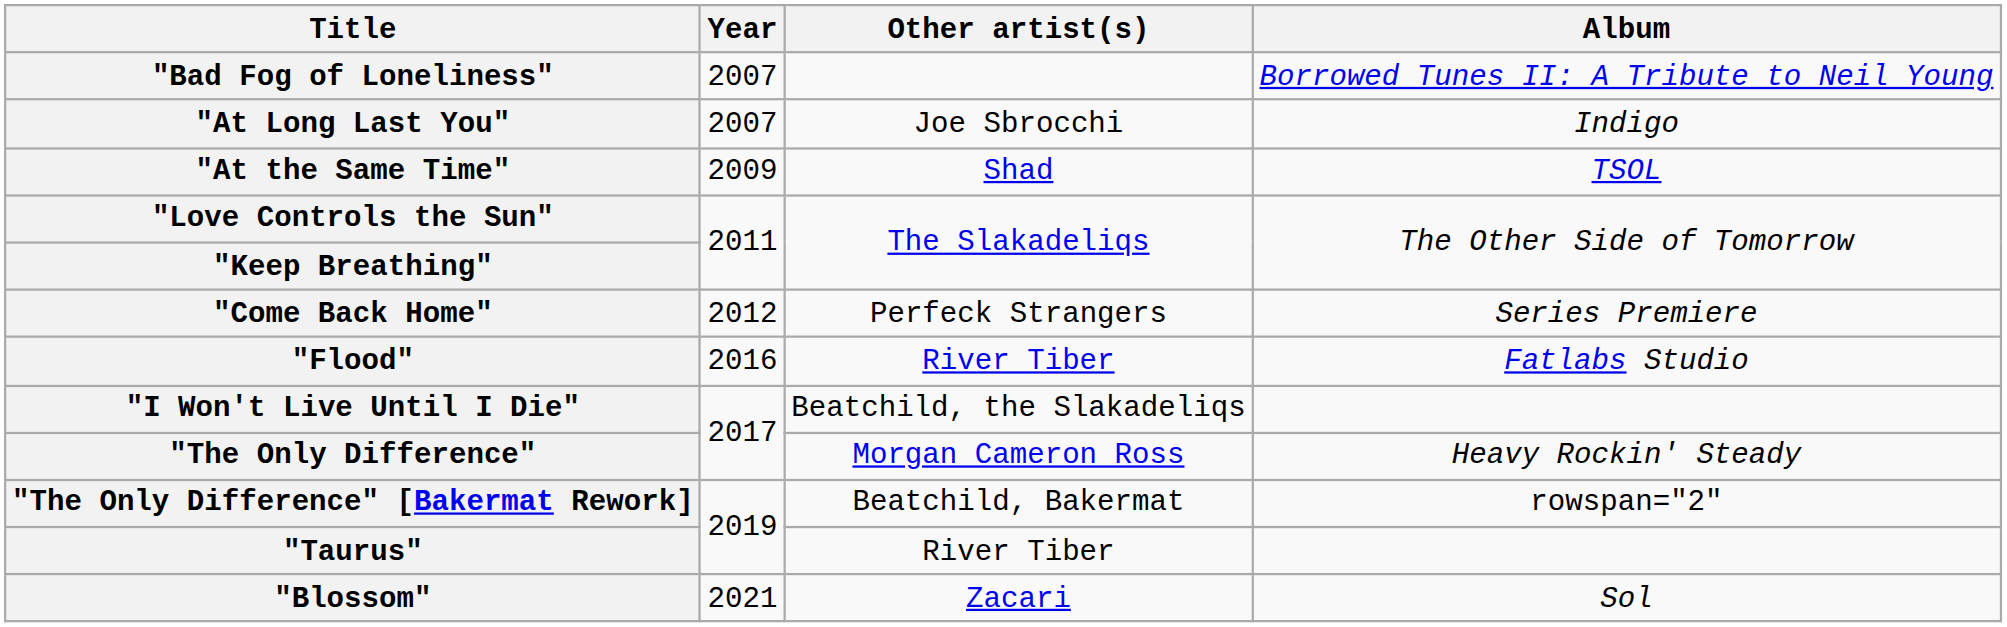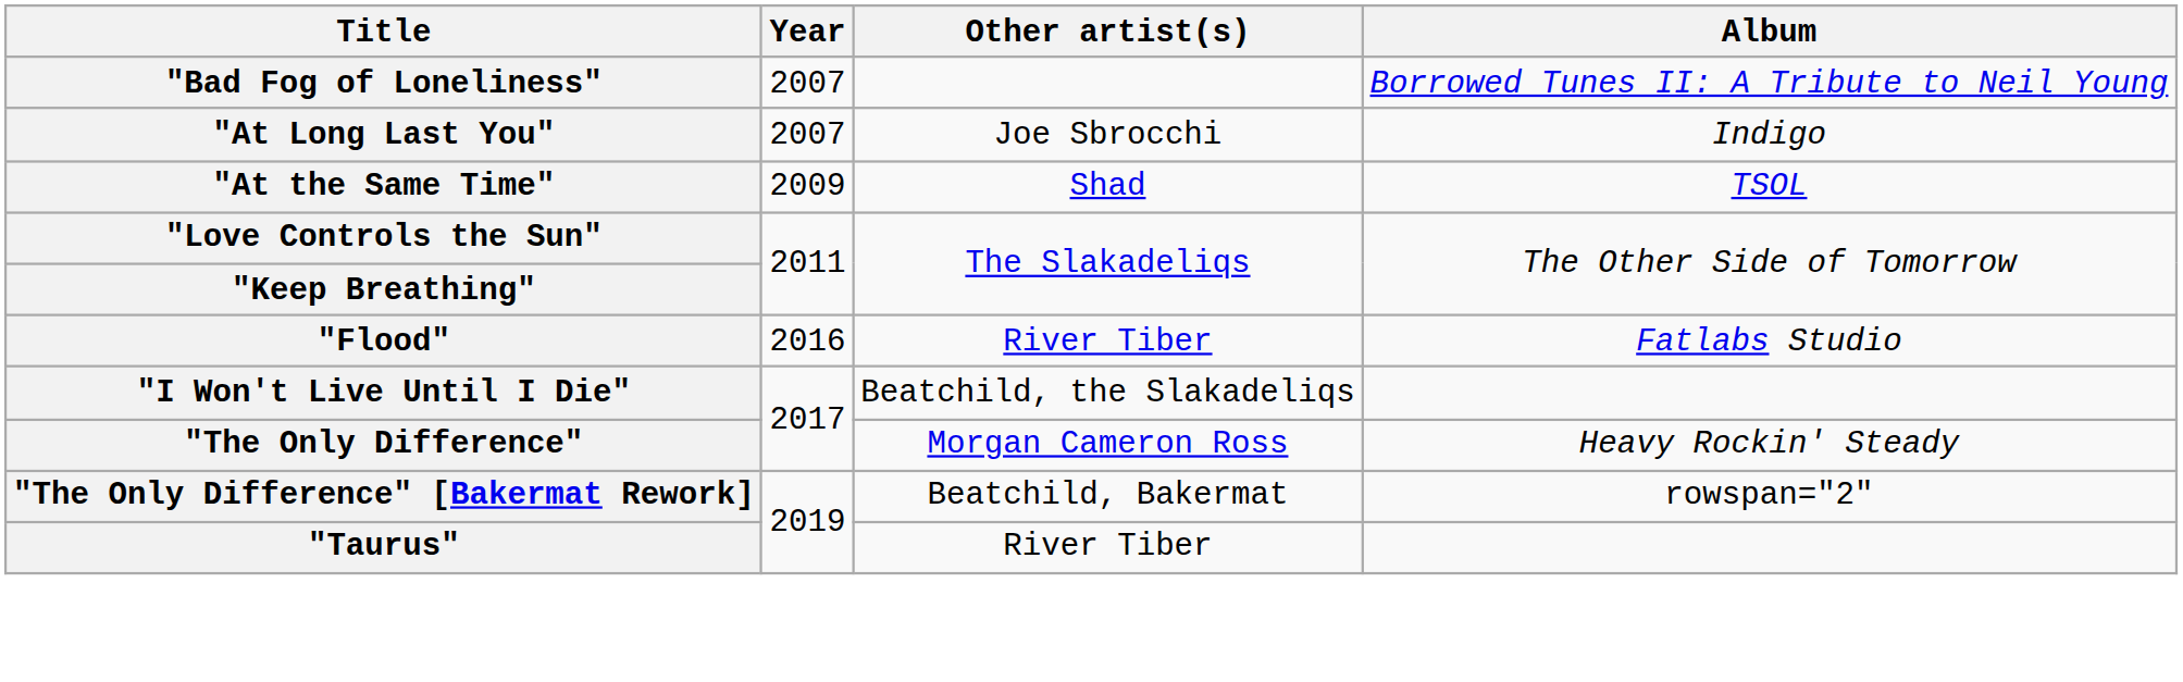 <table class="wikitable plainrowheaders" style="text-align:center;">
 <tr>
 <th scope="col">Title</th>
 <th scope="col">Year</th>
 <th scope="col">Other artist(s)</th>
 <th scope="col">Album</th>
 </tr>
 <tr>
 <th scope="row">"Bad Fog of Loneliness"</th>
 <td>2007</td>
 <td></td>
 <td><em><a href='#'>Borrowed Tunes II: A Tribute to Neil Young</a></em></td>
 </tr>
 <tr>
 <th scope="row">"At Long Last You"</th>
 <td>2007</td>
 <td>Joe Sbrocchi</td>
 <td><em>Indigo</em></td>
 </tr>
 <tr>
 <th scope="row">"At the Same Time"</th>
 <td>2009</td>
 <td><a href='#'>Shad</a></td>
 <td><em><a href='#'>TSOL</a></em></td>
 </tr>
 <tr>
 <th scope="row">"Love Controls the Sun"</th>
 <td rowspan="2">2011</td>
 <td rowspan="2"><a href='#'>The Slakadeliqs</a></td>
 <td rowspan="2"><em>The Other Side of Tomorrow</em></td>
 </tr>
 <tr>
 <th scope="row">"Keep Breathing"</th>
 </tr>
 <tr>
-<th scope="row">"Come Back Home"</th>
-<td>2012</td>
-<td>Perfeck Strangers</td>
-<td><em>Series Premiere</em></td>
-</tr>
-<tr>
 <th scope="row">"Flood"</th>
 <td>2016</td>
 <td><a href='#'>River Tiber</a></td>
 <td><em><a href='#'>Fatlabs</a> Studio</em></td>
 </tr>
 <tr>
 <th scope="row">"I Won't Live Until I Die"</th>
 <td rowspan="2">2017</td>
 <td>Beatchild, the Slakadeliqs</td>
 <td></td>
 </tr>
 <tr>
 <th scope="row">"The Only Difference"</th>
 <td><a href='#'>Morgan Cameron Ross</a></td>
 <td><em>Heavy Rockin' Steady</em></td>
 </tr>
 <tr>
 <th scope="row">"The Only Difference" [<a href='#'>Bakermat</a> Rework]</th>
 <td rowspan="2">2019</td>
 <td>Beatchild, Bakermat</td>
 <td>rowspan="2" </td>
 </tr>
 <tr>
 <th scope="row">"Taurus"</th>
 <td>River Tiber</td>
 </tr>
-<tr>
-<th scope="row">"Blossom"</th>
-<td rowspan="1">2021</td>
-<td><a href='#'>Zacari</a></td>
-<td><em>Sol</em></td>
-</tr>
 </table>
